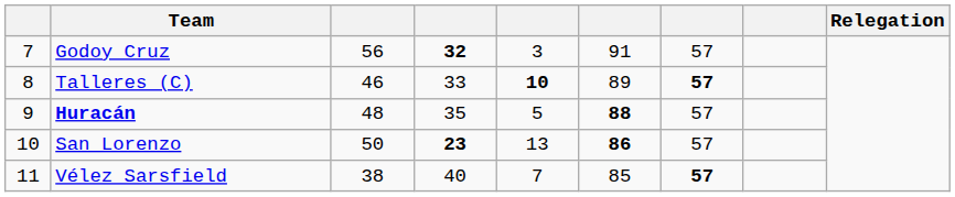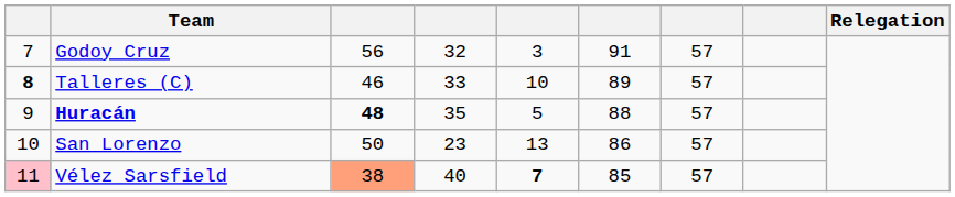 <table class="wikitable sortable" style="text-align: center;">
 <tr>
 <th width=25></th>
 <th width=185>Team</th>
 <th width=50></th>
 <th width=50></th>
 <th width=50></th>
 <th width=50></th>
 <th width=50></th>
 <th width=50></th>
 <th>Relegation</th>
 </tr>
 <tr>
 <td>7</td>
 <td align="left"><a href='#'>Godoy Cruz</a></td>
 <td>56</td>
-<td><strong>32</strong></td>
+<td>32</td>
 <td>3</td>
 <td>91</td>
 <td>57</td>
 <td><strong></strong></td>
 </tr>
 <tr>
-<td>8</td>
+<td><strong>8</strong></td>
 <td align="left"><a href='#'>Talleres (C)</a></td>
 <td>46</td>
 <td>33</td>
-<td><strong>10</strong></td>
+<td>10</td>
 <td>89</td>
-<td><strong>57</strong></td>
+<td>57</td>
 <td><strong></strong></td>
 </tr>
 <tr>
 <td>9</td>
 <td align="left"><strong><a href='#'>Huracán</a></strong></td>
-<td>48</td>
+<td><strong>48</strong></td>
 <td>35</td>
 <td>5</td>
-<td><strong>88</strong></td>
+<td>88</td>
 <td>57</td>
 <td><strong></strong></td>
 </tr>
 <tr>
 <td>10</td>
 <td align="left"><a href='#'>San Lorenzo</a></td>
 <td>50</td>
-<td><strong>23</strong></td>
+<td>23</td>
 <td>13</td>
-<td><strong>86</strong></td>
+<td>86</td>
 <td>57</td>
 <td><strong></strong></td>
 </tr>
 <tr>
-<td>11</td>
+<td style="background: pink;">11</td>
 <td align="left"><a href='#'>Vélez Sarsfield</a></td>
-<td>38</td>
+<td style="background: lightsalmon;">38</td>
 <td>40</td>
-<td>7</td>
+<td><strong>7</strong></td>
 <td>85</td>
-<td><strong>57</strong></td>
+<td>57</td>
 <td><strong></strong></td>
 </tr>
 </table>
